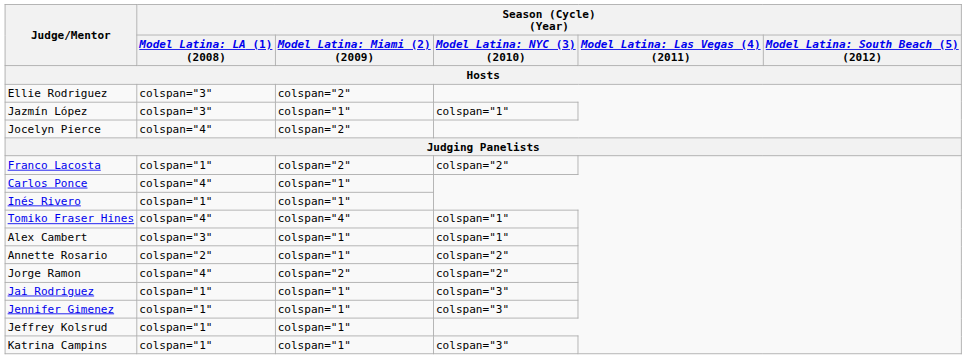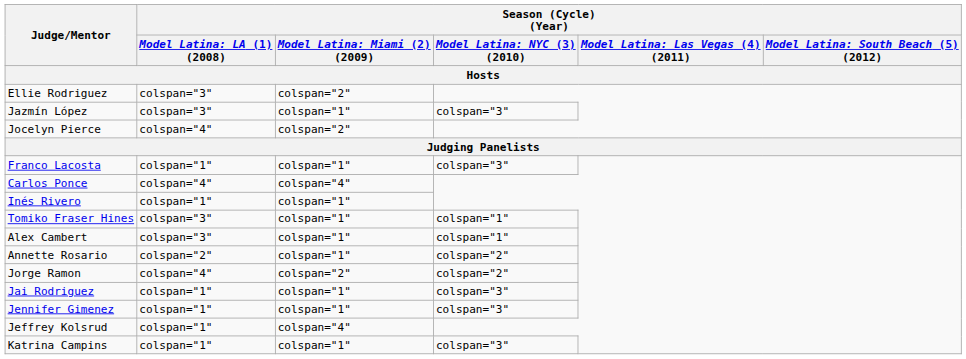 <table class="wikitable" style="margin:1em auto 1em auto">
 <tr>
 <th rowspan="2">Judge/Mentor</th>
 <th colspan="5">Season (Cycle)<br>(Year)</th>
 </tr>
 <tr>
 <th><a href='#'><em>Model Latina: LA</em> (1)</a><br> (2008)</th>
 <th><a href='#'><em>Model Latina: Miami</em> (2)</a><br> (2009)</th>
 <th><a href='#'><em>Model Latina: NYC</em> (3)</a><br> (2010)</th>
 <th><a href='#'><em>Model Latina: Las Vegas</em> (4)</a><br> (2011)</th>
 <th><a href='#'><em>Model Latina: South Beach</em> (5)</a><br> (2012)</th>
 </tr>
 <tr>
 <th scope="col" colspan="6">Hosts</th>
 </tr>
 <tr>
 <td scope="row">Ellie Rodriguez</td>
 <td>colspan="3" </td>
 <td>colspan="2" </td>
 </tr>
 <tr>
 <td scope="row">Jazmín López</td>
 <td>colspan="3" </td>
 <td>colspan="1" </td>
-<td>colspan="1" </td>
+<td>colspan="3" </td>
 </tr>
 <tr>
 <td scope="row">Jocelyn Pierce</td>
 <td>colspan="4" </td>
 <td>colspan="2" </td>
 </tr>
 <tr>
 <th scope="col" colspan="6">Judging Panelists</th>
 </tr>
 <tr>
 <td scope="row"><a href='#'>Franco Lacosta</a></td>
 <td>colspan="1" </td>
-<td>colspan="2" </td>
-<td>colspan="2" </td>
+<td>colspan="1" </td>
+<td>colspan="3" </td>
 </tr>
 <tr>
 <td scope="row"><a href='#'>Carlos Ponce</a></td>
 <td>colspan="4" </td>
-<td>colspan="1" </td>
+<td>colspan="4" </td>
 </tr>
 <tr>
 <td scope="row"><a href='#'>Inés Rivero</a></td>
 <td>colspan="1" </td>
 <td>colspan="1" </td>
 </tr>
 <tr>
 <td scope="row"><a href='#'>Tomiko Fraser Hines</a></td>
-<td>colspan="4" </td>
-<td>colspan="4" </td>
+<td>colspan="3" </td>
+<td>colspan="1" </td>
 <td>colspan="1" </td>
 </tr>
 <tr>
 <td scope="row">Alex Cambert</td>
 <td>colspan="3" </td>
 <td>colspan="1" </td>
 <td>colspan="1" </td>
 </tr>
 <tr>
 <td scope="row">Annette Rosario</td>
 <td>colspan="2" </td>
 <td>colspan="1" </td>
 <td>colspan="2" </td>
 </tr>
 <tr>
 <td scope="row">Jorge Ramon</td>
 <td>colspan="4" </td>
 <td>colspan="2" </td>
 <td>colspan="2" </td>
 </tr>
 <tr>
 <td scope="row"><a href='#'>Jai Rodriguez</a></td>
 <td>colspan="1" </td>
 <td>colspan="1" </td>
 <td>colspan="3" </td>
 </tr>
 <tr>
 <td scope="row"><a href='#'>Jennifer Gimenez</a></td>
 <td>colspan="1" </td>
 <td>colspan="1" </td>
 <td>colspan="3" </td>
 </tr>
 <tr>
 <td scope="row">Jeffrey Kolsrud</td>
 <td>colspan="1" </td>
-<td>colspan="1" </td>
+<td>colspan="4" </td>
 </tr>
 <tr>
 <td scope="row">Katrina Campins</td>
 <td>colspan="1" </td>
 <td>colspan="1" </td>
 <td>colspan="3" </td>
 </tr>
 </table>
